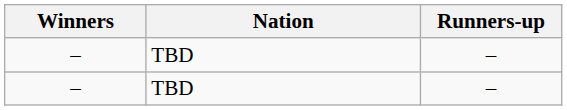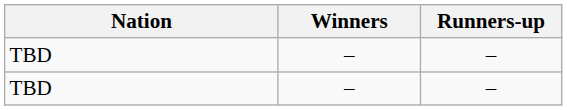 <table class="wikitable">
 <tr>
+<th width="200">Nation</th>
 <th width="100">Winners</th>
-<th width="200">Nation</th>
 <th width="100">Runners-up</th>
 </tr>
 <tr>
+<td>TBD</td>
 <td align="center">–</td>
-<td>TBD</td>
 <td align="center">–</td>
 </tr>
 <tr>
+<td>TBD</td>
 <td align="center">–</td>
-<td>TBD</td>
 <td align="center">–</td>
 </tr>
 </table>
